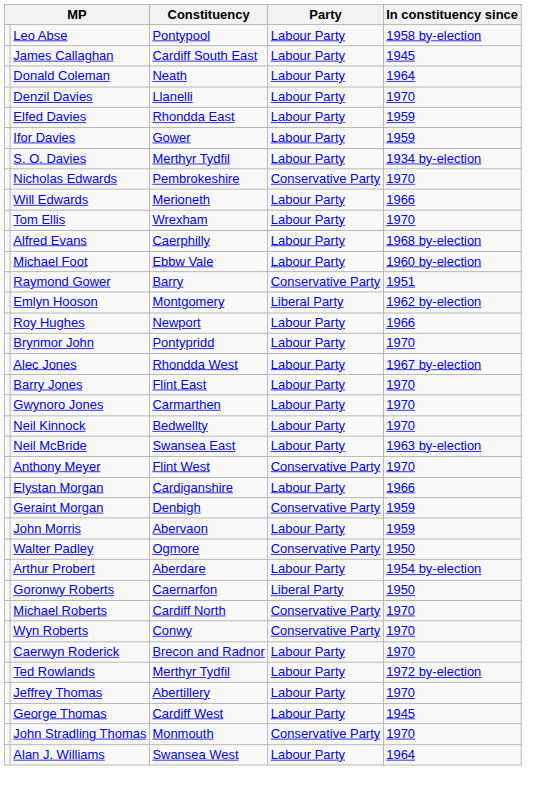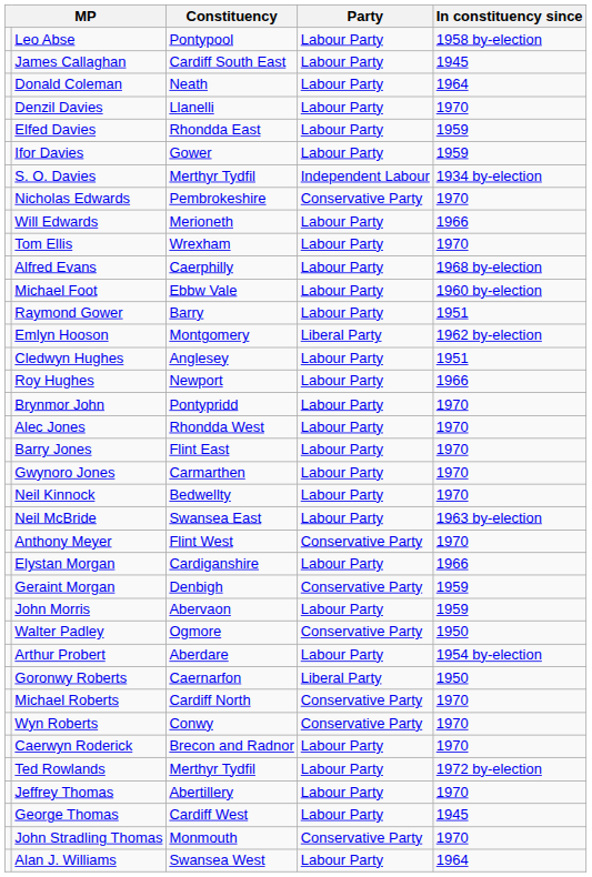 <table class="wikitable sortable">
 <tr>
 <th colspan="2">MP</th>
 <th>Constituency</th>
 <th>Party</th>
 <th>In constituency since</th>
 </tr>
 <tr>
 <td style="color:inherit;background-color: "></td>
 <td><a href='#'>Leo Abse</a></td>
 <td><a href='#'>Pontypool</a></td>
 <td><a href='#'>Labour Party</a></td>
 <td><a href='#'>1958 by-election</a></td>
 </tr>
 <tr>
 <td style="color:inherit;background-color: "></td>
 <td><a href='#'>James Callaghan</a></td>
 <td><a href='#'>Cardiff South East</a></td>
 <td><a href='#'>Labour Party</a></td>
 <td><a href='#'>1945</a></td>
 </tr>
 <tr>
 <td style="color:inherit;background-color: "></td>
 <td><a href='#'>Donald Coleman</a></td>
 <td><a href='#'>Neath</a></td>
 <td><a href='#'>Labour Party</a></td>
 <td><a href='#'>1964</a></td>
 </tr>
 <tr>
 <td style="color:inherit;background-color: "></td>
 <td><a href='#'>Denzil Davies</a></td>
 <td><a href='#'>Llanelli</a></td>
 <td><a href='#'>Labour Party</a></td>
 <td><a href='#'>1970</a></td>
 </tr>
 <tr>
 <td style="color:inherit;background-color: "></td>
 <td><a href='#'>Elfed Davies</a></td>
 <td><a href='#'>Rhondda East</a></td>
 <td><a href='#'>Labour Party</a></td>
 <td><a href='#'>1959</a></td>
 </tr>
 <tr>
 <td style="color:inherit;background-color: "></td>
 <td><a href='#'>Ifor Davies</a></td>
 <td><a href='#'>Gower</a></td>
 <td><a href='#'>Labour Party</a></td>
 <td><a href='#'>1959</a></td>
 </tr>
 <tr>
 <td style="color:inherit;background-color: "></td>
 <td><a href='#'>S. O. Davies</a></td>
 <td><a href='#'>Merthyr Tydfil</a></td>
-<td><a href='#'>Labour Party</a></td>
+<td><a href='#'>Independent Labour</a></td>
 <td><a href='#'>1934 by-election</a></td>
 </tr>
 <tr>
 <td style="color:inherit;background-color: "></td>
 <td><a href='#'>Nicholas Edwards</a></td>
 <td><a href='#'>Pembrokeshire</a></td>
 <td><a href='#'>Conservative Party</a></td>
 <td><a href='#'>1970</a></td>
 </tr>
 <tr>
 <td style="color:inherit;background-color: "></td>
 <td><a href='#'>Will Edwards</a></td>
 <td><a href='#'>Merioneth</a></td>
 <td><a href='#'>Labour Party</a></td>
 <td><a href='#'>1966</a></td>
 </tr>
 <tr>
 <td style="color:inherit;background-color: "></td>
 <td><a href='#'>Tom Ellis</a></td>
 <td><a href='#'>Wrexham</a></td>
 <td><a href='#'>Labour Party</a></td>
 <td><a href='#'>1970</a></td>
 </tr>
 <tr>
 <td style="color:inherit;background-color: "></td>
 <td><a href='#'>Alfred Evans</a></td>
 <td><a href='#'>Caerphilly</a></td>
 <td><a href='#'>Labour Party</a></td>
 <td><a href='#'>1968 by-election</a></td>
 </tr>
 <tr>
 <td style="color:inherit;background-color: "></td>
 <td><a href='#'>Michael Foot</a></td>
 <td><a href='#'>Ebbw Vale</a></td>
 <td><a href='#'>Labour Party</a></td>
 <td><a href='#'>1960 by-election</a></td>
 </tr>
 <tr>
 <td style="color:inherit;background-color: "></td>
 <td><a href='#'>Raymond Gower</a></td>
 <td><a href='#'>Barry</a></td>
-<td><a href='#'>Conservative Party</a></td>
+<td><a href='#'>Labour Party</a></td>
 <td><a href='#'>1951</a></td>
 </tr>
 <tr>
 <td style="color:inherit;background-color: "></td>
 <td><a href='#'>Emlyn Hooson</a></td>
 <td><a href='#'>Montgomery</a></td>
 <td><a href='#'>Liberal Party</a></td>
 <td><a href='#'>1962 by-election</a></td>
+</tr>
+<tr>
+<td style="color:inherit;background-color: "></td>
+<td><a href='#'>Cledwyn Hughes</a></td>
+<td><a href='#'>Anglesey</a></td>
+<td><a href='#'>Labour Party</a></td>
+<td><a href='#'>1951</a></td>
 </tr>
 <tr>
 <td style="color:inherit;background-color: "></td>
 <td><a href='#'>Roy Hughes</a></td>
 <td><a href='#'>Newport</a></td>
 <td><a href='#'>Labour Party</a></td>
 <td><a href='#'>1966</a></td>
 </tr>
 <tr>
 <td style="color:inherit;background-color: "></td>
 <td><a href='#'>Brynmor John</a></td>
 <td><a href='#'>Pontypridd</a></td>
 <td><a href='#'>Labour Party</a></td>
 <td><a href='#'>1970</a></td>
 </tr>
 <tr>
 <td style="color:inherit;background-color: "></td>
 <td><a href='#'>Alec Jones</a></td>
 <td><a href='#'>Rhondda West</a></td>
 <td><a href='#'>Labour Party</a></td>
-<td><a href='#'>1967 by-election</a></td>
+<td><a href='#'>1970</a></td>
 </tr>
 <tr>
 <td style="color:inherit;background-color: "></td>
 <td><a href='#'>Barry Jones</a></td>
 <td><a href='#'>Flint East</a></td>
 <td><a href='#'>Labour Party</a></td>
 <td><a href='#'>1970</a></td>
 </tr>
 <tr>
 <td style="color:inherit;background-color: "></td>
 <td><a href='#'>Gwynoro Jones</a></td>
 <td><a href='#'>Carmarthen</a></td>
 <td><a href='#'>Labour Party</a></td>
 <td><a href='#'>1970</a></td>
 </tr>
 <tr>
 <td style="color:inherit;background-color: "></td>
 <td><a href='#'>Neil Kinnock</a></td>
 <td><a href='#'>Bedwellty</a></td>
 <td><a href='#'>Labour Party</a></td>
 <td><a href='#'>1970</a></td>
 </tr>
 <tr>
 <td style="color:inherit;background-color: "></td>
 <td><a href='#'>Neil McBride</a></td>
 <td><a href='#'>Swansea East</a></td>
 <td><a href='#'>Labour Party</a></td>
 <td><a href='#'>1963 by-election</a></td>
 </tr>
 <tr>
 <td style="color:inherit;background-color: "></td>
 <td><a href='#'>Anthony Meyer</a></td>
 <td><a href='#'>Flint West</a></td>
 <td><a href='#'>Conservative Party</a></td>
 <td><a href='#'>1970</a></td>
 </tr>
 <tr>
 <td style="color:inherit;background-color: "></td>
 <td><a href='#'>Elystan Morgan</a></td>
 <td><a href='#'>Cardiganshire</a></td>
 <td><a href='#'>Labour Party</a></td>
 <td><a href='#'>1966</a></td>
 </tr>
 <tr>
 <td style="color:inherit;background-color: "></td>
 <td><a href='#'>Geraint Morgan</a></td>
 <td><a href='#'>Denbigh</a></td>
 <td><a href='#'>Conservative Party</a></td>
 <td><a href='#'>1959</a></td>
 </tr>
 <tr>
 <td style="color:inherit;background-color: "></td>
 <td><a href='#'>John Morris</a></td>
 <td><a href='#'>Abervaon</a></td>
 <td><a href='#'>Labour Party</a></td>
 <td><a href='#'>1959</a></td>
 </tr>
 <tr>
 <td style="color:inherit;background-color: "></td>
 <td><a href='#'>Walter Padley</a></td>
 <td><a href='#'>Ogmore</a></td>
 <td><a href='#'>Conservative Party</a></td>
 <td><a href='#'>1950</a></td>
 </tr>
 <tr>
 <td style="color:inherit;background-color: "></td>
 <td><a href='#'>Arthur Probert</a></td>
 <td><a href='#'>Aberdare</a></td>
 <td><a href='#'>Labour Party</a></td>
 <td><a href='#'>1954 by-election</a></td>
 </tr>
 <tr>
 <td style="color:inherit;background-color: "></td>
 <td><a href='#'>Goronwy Roberts</a></td>
 <td><a href='#'>Caernarfon</a></td>
 <td><a href='#'>Liberal Party</a></td>
 <td><a href='#'>1950</a></td>
 </tr>
 <tr>
 <td style="color:inherit;background-color: "></td>
 <td><a href='#'>Michael Roberts</a></td>
 <td><a href='#'>Cardiff North</a></td>
 <td><a href='#'>Conservative Party</a></td>
 <td><a href='#'>1970</a></td>
 </tr>
 <tr>
 <td style="color:inherit;background-color: "></td>
 <td><a href='#'>Wyn Roberts</a></td>
 <td><a href='#'>Conwy</a></td>
 <td><a href='#'>Conservative Party</a></td>
 <td><a href='#'>1970</a></td>
 </tr>
 <tr>
 <td style="color:inherit;background-color: "></td>
 <td><a href='#'>Caerwyn Roderick</a></td>
 <td><a href='#'>Brecon and Radnor</a></td>
 <td><a href='#'>Labour Party</a></td>
 <td><a href='#'>1970</a></td>
 </tr>
 <tr>
 <td style="color:inherit;background-color: "></td>
 <td><a href='#'>Ted Rowlands</a></td>
 <td><a href='#'>Merthyr Tydfil</a></td>
 <td><a href='#'>Labour Party</a></td>
 <td><a href='#'>1972 by-election</a></td>
 </tr>
 <tr>
 <td style="color:inherit;background-color: "></td>
 <td><a href='#'>Jeffrey Thomas</a></td>
 <td><a href='#'>Abertillery</a></td>
 <td><a href='#'>Labour Party</a></td>
 <td><a href='#'>1970</a></td>
 </tr>
 <tr>
 <td style="color:inherit;background-color: "></td>
 <td><a href='#'>George Thomas</a></td>
 <td><a href='#'>Cardiff West</a></td>
 <td><a href='#'>Labour Party</a></td>
 <td><a href='#'>1945</a></td>
 </tr>
 <tr>
 <td style="color:inherit;background-color: "></td>
 <td><a href='#'>John Stradling Thomas</a></td>
 <td><a href='#'>Monmouth</a></td>
 <td><a href='#'>Conservative Party</a></td>
 <td><a href='#'>1970</a></td>
 </tr>
 <tr>
 <td style="color:inherit;background-color: "></td>
 <td><a href='#'>Alan J. Williams</a></td>
 <td><a href='#'>Swansea West</a></td>
 <td><a href='#'>Labour Party</a></td>
 <td><a href='#'>1964</a></td>
 </tr>
 </table>
